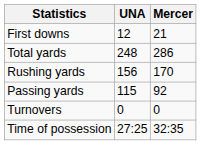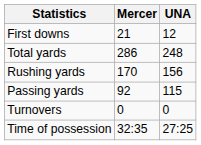 <table class="wikitable" style="float: left;">
 <tr>
 <th>Statistics</th>
+<th>Mercer</th>
 <th>UNA</th>
-<th>Mercer</th>
 </tr>
 <tr>
 <td>First downs</td>
+<td>21</td>
 <td>12</td>
-<td>21</td>
 </tr>
 <tr>
 <td>Total yards</td>
+<td>286</td>
 <td>248</td>
-<td>286</td>
 </tr>
 <tr>
 <td>Rushing yards</td>
+<td>170</td>
 <td>156</td>
-<td>170</td>
 </tr>
 <tr>
 <td>Passing yards</td>
+<td>92</td>
 <td>115</td>
-<td>92</td>
 </tr>
 <tr>
 <td>Turnovers</td>
 <td>0</td>
 <td>0</td>
 </tr>
 <tr>
 <td>Time of possession</td>
+<td>32:35</td>
 <td>27:25</td>
-<td>32:35</td>
 </tr>
 </table>
